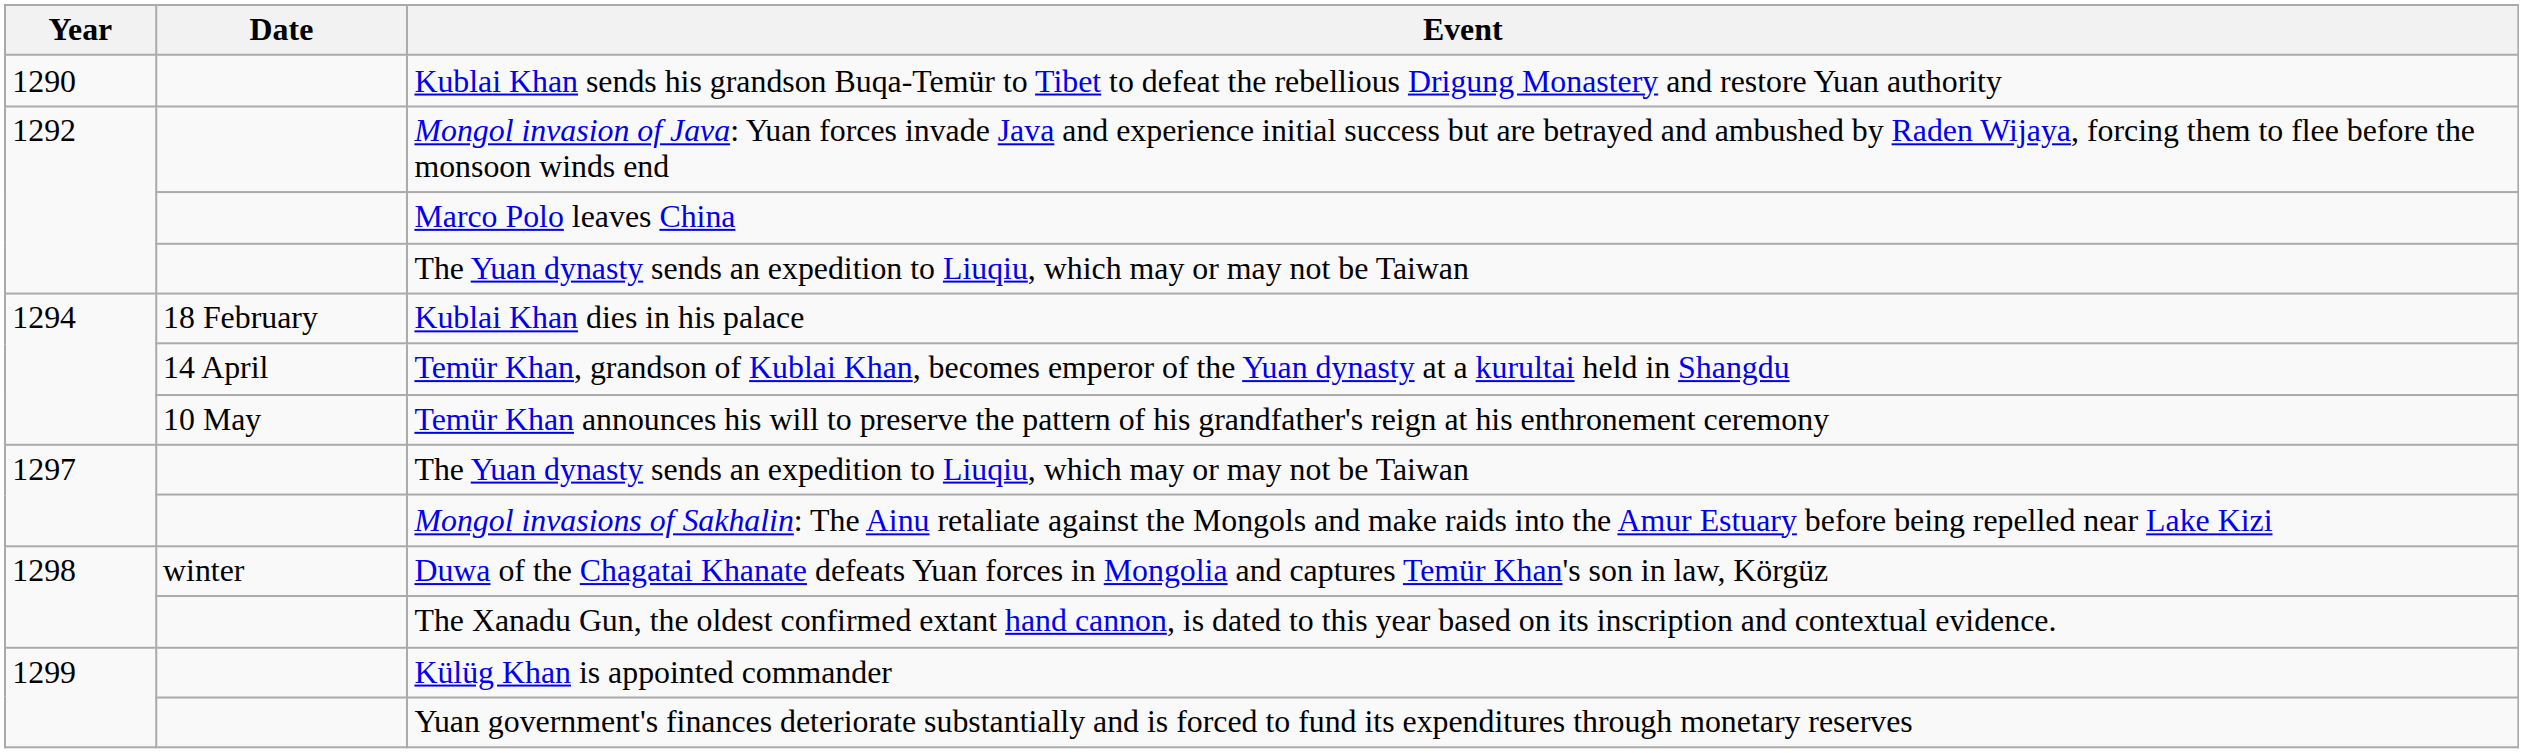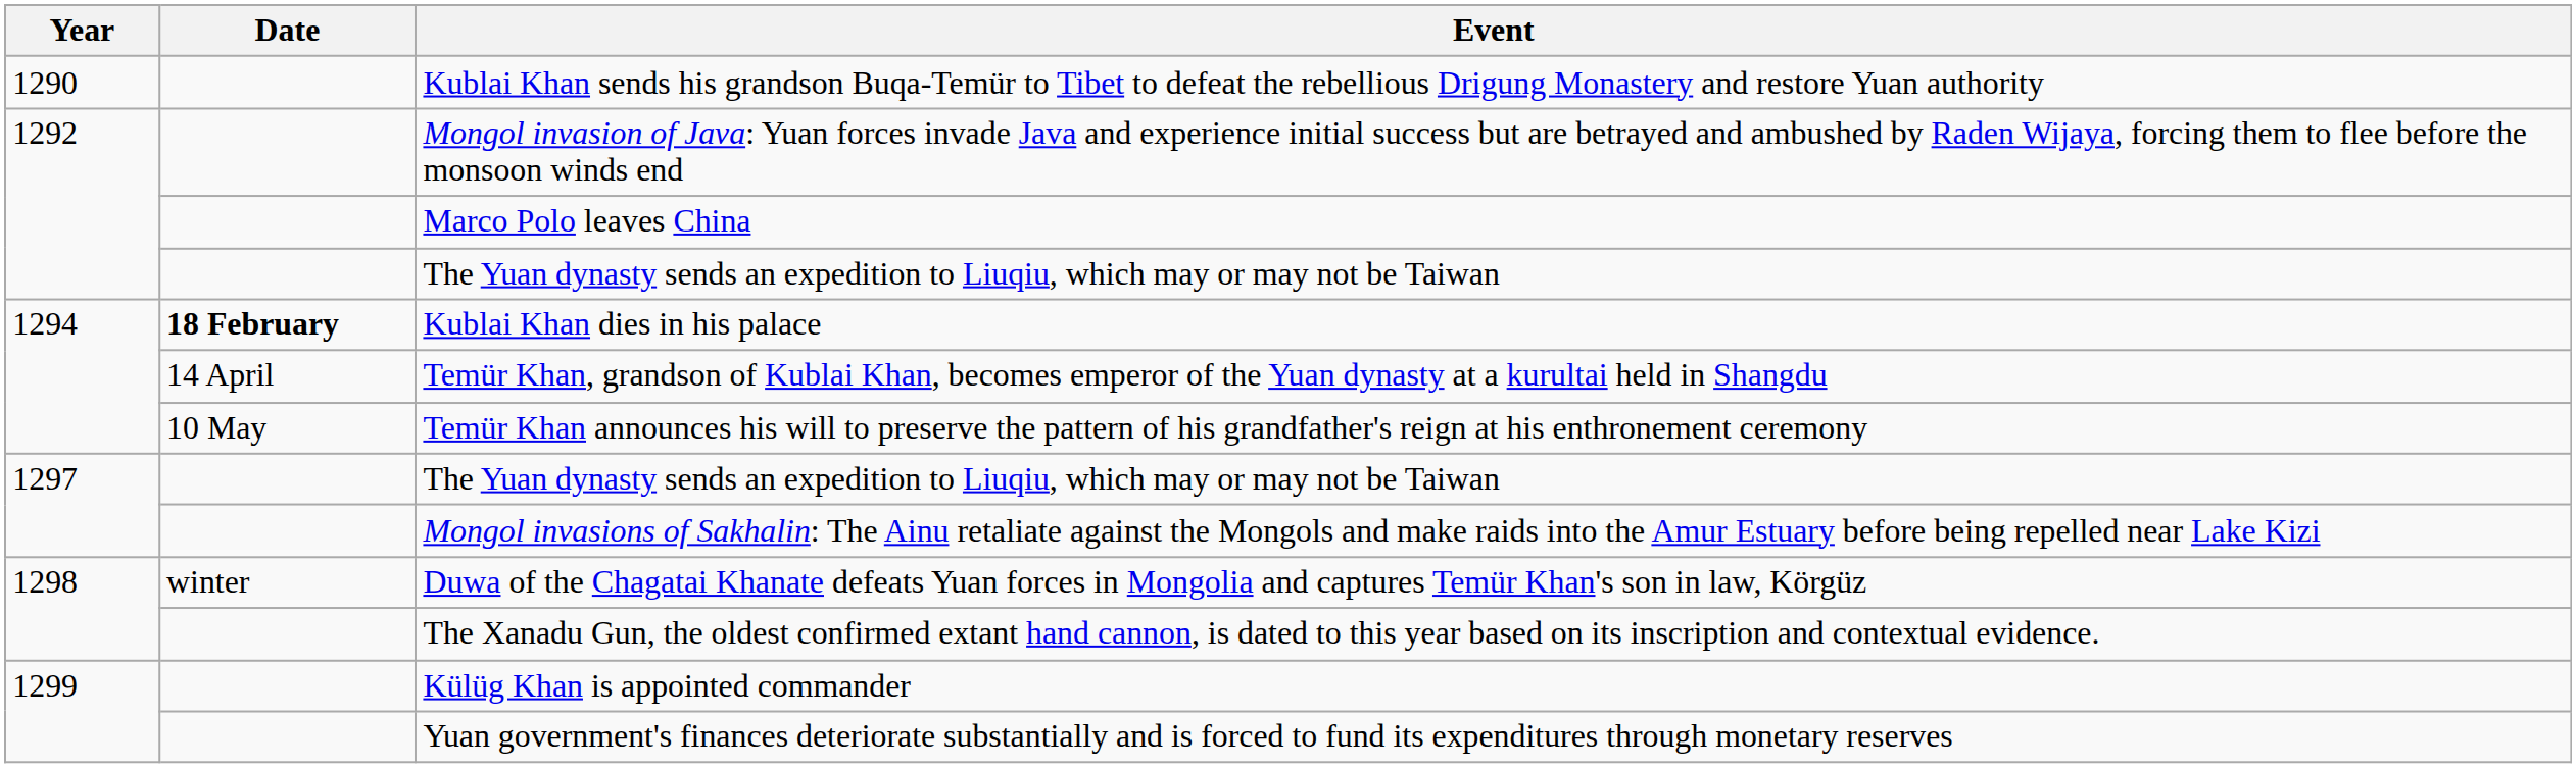 <table class="wikitable" style="width:100%;">
 <tr>
 <th style="width:6%">Year</th>
 <th style="width:10%">Date</th>
 <th>Event</th>
 </tr>
 <tr>
 <td>1290</td>
 <td></td>
 <td><a href='#'>Kublai Khan</a> sends his grandson Buqa-Temür to <a href='#'>Tibet</a> to defeat the rebellious <a href='#'>Drigung Monastery</a> and restore Yuan authority</td>
 </tr>
 <tr>
 <td rowspan="3" style="vertical-align:top;">1292</td>
 <td></td>
 <td><em><a href='#'>Mongol invasion of Java</a></em>: Yuan forces invade <a href='#'>Java</a> and experience initial success but are betrayed and ambushed by <a href='#'>Raden Wijaya</a>, forcing them to flee before the monsoon winds end</td>
 </tr>
 <tr>
 <td></td>
 <td><a href='#'>Marco Polo</a> leaves <a href='#'>China</a></td>
 </tr>
 <tr>
 <td></td>
 <td>The <a href='#'>Yuan dynasty</a> sends an expedition to <a href='#'>Liuqiu</a>, which may or may not be Taiwan</td>
 </tr>
 <tr>
 <td rowspan="3" style="vertical-align:top;">1294</td>
-<td>18 February</td>
+<td><strong>18 February</strong></td>
 <td><a href='#'>Kublai Khan</a> dies in his palace</td>
 </tr>
 <tr>
 <td>14 April</td>
 <td><a href='#'>Temür Khan</a>, grandson of <a href='#'>Kublai Khan</a>, becomes emperor of the <a href='#'>Yuan dynasty</a> at a <a href='#'>kurultai</a> held in <a href='#'>Shangdu</a></td>
 </tr>
 <tr>
 <td>10 May</td>
 <td><a href='#'>Temür Khan</a> announces his will to preserve the pattern of his grandfather's reign at his enthronement ceremony</td>
 </tr>
 <tr>
 <td rowspan="2" style="vertical-align:top;">1297</td>
 <td></td>
 <td>The <a href='#'>Yuan dynasty</a> sends an expedition to <a href='#'>Liuqiu</a>, which may or may not be Taiwan</td>
 </tr>
 <tr>
 <td></td>
 <td><em><a href='#'>Mongol invasions of Sakhalin</a></em>: The <a href='#'>Ainu</a> retaliate against the Mongols and make raids into the <a href='#'>Amur Estuary</a> before being repelled near <a href='#'>Lake Kizi</a></td>
 </tr>
 <tr>
 <td rowspan="2" style="vertical-align:top;">1298</td>
 <td>winter</td>
 <td><a href='#'>Duwa</a> of the <a href='#'>Chagatai Khanate</a> defeats Yuan forces in <a href='#'>Mongolia</a> and captures <a href='#'>Temür Khan</a>'s son in law, Körgüz</td>
 </tr>
 <tr>
 <td></td>
 <td>The Xanadu Gun, the oldest confirmed extant <a href='#'>hand cannon</a>, is dated to this year based on its inscription and contextual evidence.</td>
 </tr>
 <tr>
 <td rowspan="2" style="vertical-align:top;">1299</td>
 <td></td>
 <td><a href='#'>Külüg Khan</a> is appointed commander</td>
 </tr>
 <tr>
 <td></td>
 <td>Yuan government's finances deteriorate substantially and is forced to fund its expenditures through monetary reserves</td>
 </tr>
 </table>
